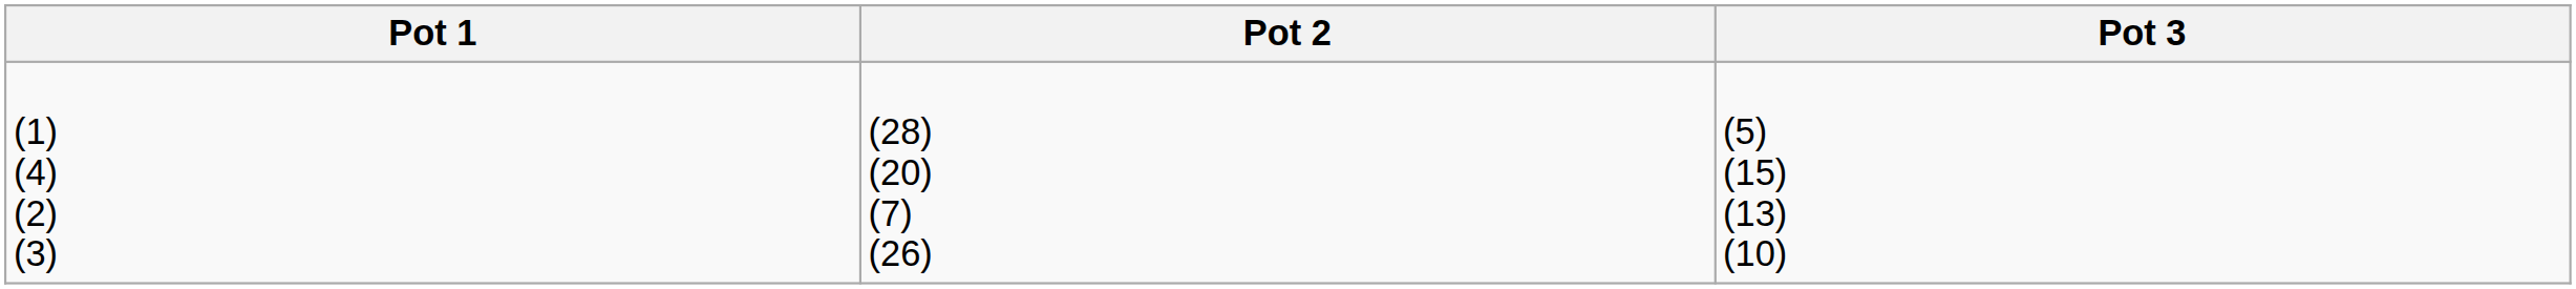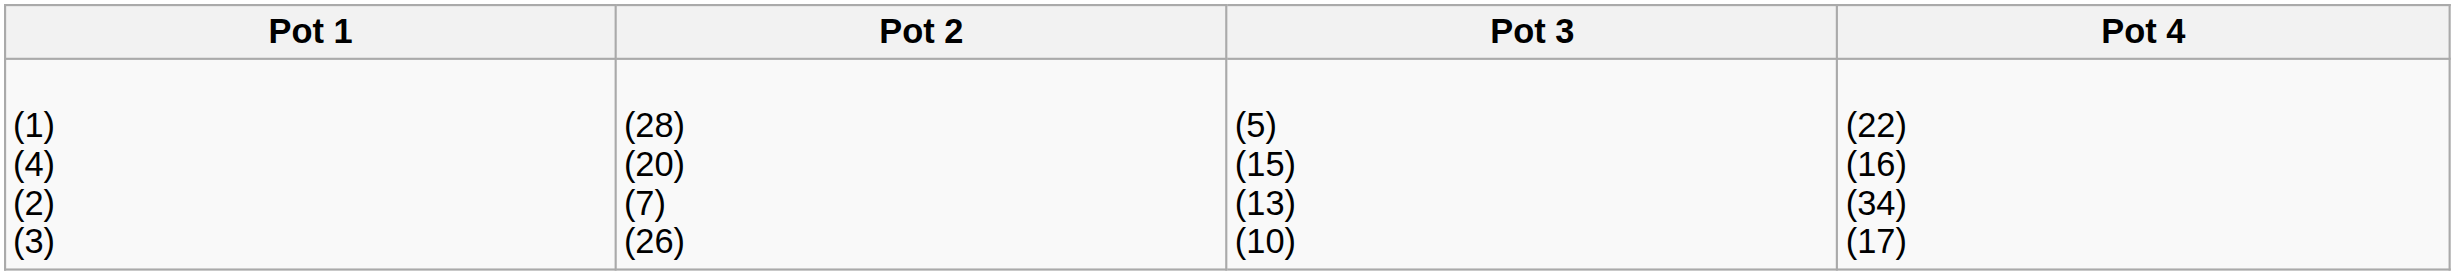 <table class="wikitable" style="width:90%;">
 <tr>
 <th width="15%">Pot 1</th>
 <th width="15%">Pot 2</th>
 <th width="15%">Pot 3</th>
+<th width="15%">Pot 4</th>
 </tr>
 <tr>
 <td nowrap="" valign="top"><br> (1)<br>  (4)<br>  (2)<br>  (3)<br></td>
 <td nowrap="" valign="top"><br> (28)<br>  (20)<br>  (7)<br>  (26)<br></td>
 <td nowrap="" valign="top"><br> (5)<br>  (15)<br>  (13)<br>  (10)<br></td>
+<td nowrap="" valign="top"><br> (22)<br>  (16)<br>  (34)<br>  (17)<br></td>
 </tr>
 </table>
